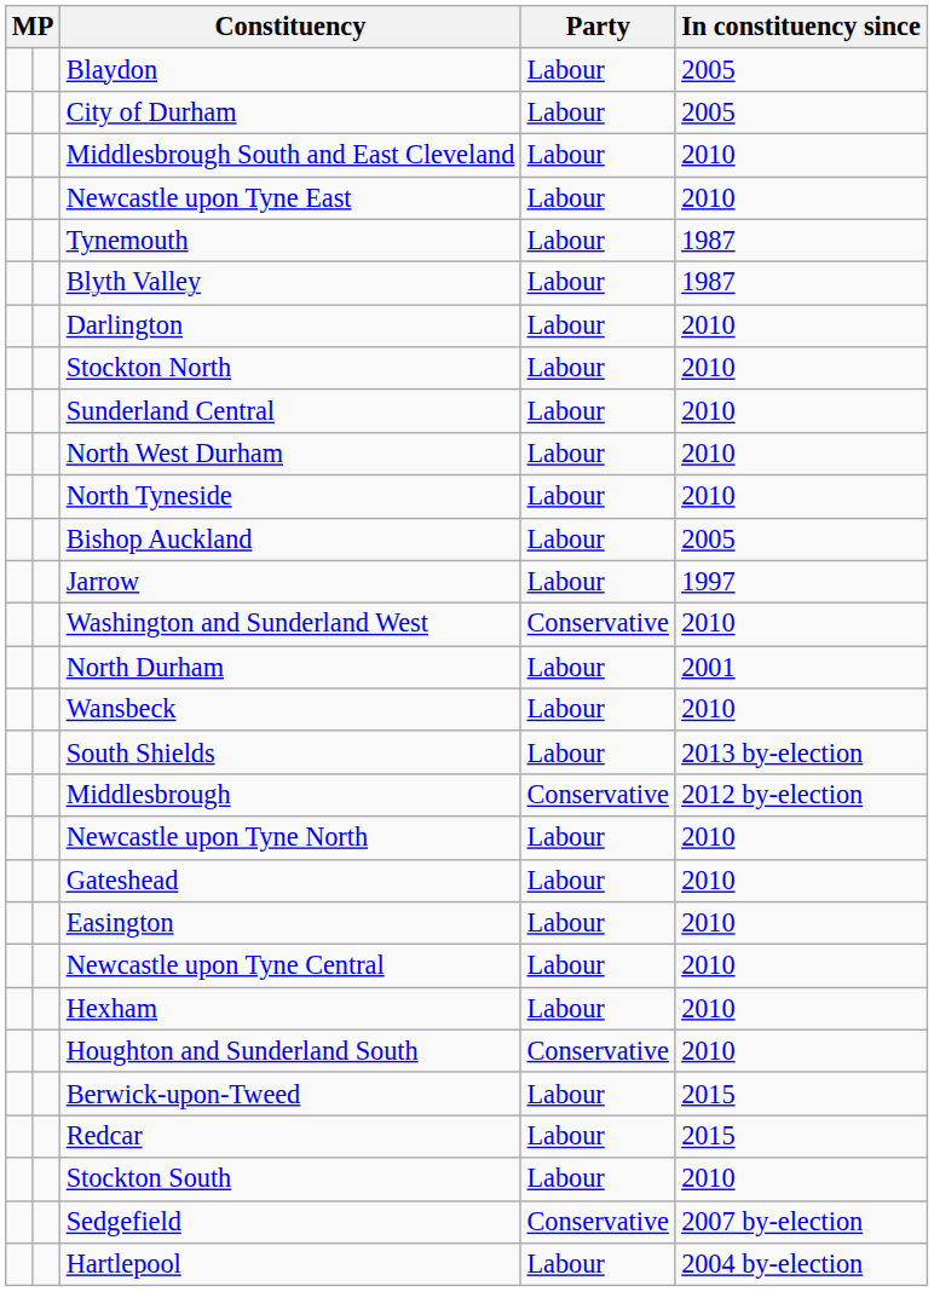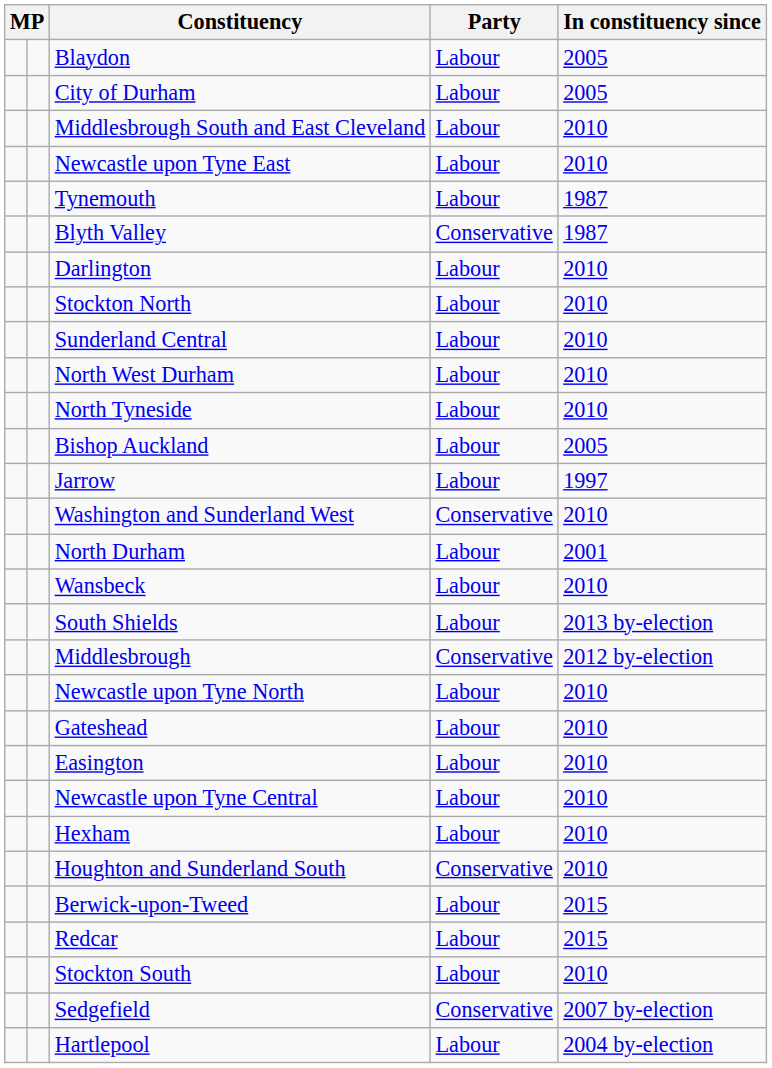 <table class="wikitable sortable">
 <tr>
 <th colspan=2>MP</th>
 <th>Constituency</th>
 <th>Party</th>
 <th>In constituency since</th>
 </tr>
 <tr>
 <td style="background-color: "></td>
 <td></td>
 <td><a href='#'>Blaydon</a></td>
 <td><a href='#'>Labour</a></td>
 <td><a href='#'>2005</a></td>
 </tr>
 <tr>
 <td style="background-color: "></td>
 <td></td>
 <td><a href='#'>City of Durham</a></td>
 <td><a href='#'>Labour</a></td>
 <td><a href='#'>2005</a></td>
 </tr>
 <tr>
 <td style="background-color: "></td>
 <td></td>
 <td><a href='#'>Middlesbrough South and East Cleveland</a></td>
 <td><a href='#'>Labour</a></td>
 <td><a href='#'>2010</a></td>
 </tr>
 <tr>
 <td style="background-color: "></td>
 <td></td>
 <td><a href='#'>Newcastle upon Tyne East</a></td>
 <td><a href='#'>Labour</a></td>
 <td><a href='#'>2010</a></td>
 </tr>
 <tr>
 <td style="background-color: "></td>
 <td></td>
 <td><a href='#'>Tynemouth</a></td>
 <td><a href='#'>Labour</a></td>
 <td><a href='#'>1987</a></td>
 </tr>
 <tr>
 <td style="background-color: "></td>
 <td></td>
 <td><a href='#'>Blyth Valley</a></td>
-<td><a href='#'>Labour</a></td>
+<td><a href='#'>Conservative</a></td>
 <td><a href='#'>1987</a></td>
 </tr>
 <tr>
 <td style="background-color: "></td>
 <td></td>
 <td><a href='#'>Darlington</a></td>
 <td><a href='#'>Labour</a></td>
 <td><a href='#'>2010</a></td>
 </tr>
 <tr>
 <td style="background-color: "></td>
 <td></td>
 <td><a href='#'>Stockton North</a></td>
 <td><a href='#'>Labour</a></td>
 <td><a href='#'>2010</a></td>
 </tr>
 <tr>
 <td style="background-color: "></td>
 <td></td>
 <td><a href='#'>Sunderland Central</a></td>
 <td><a href='#'>Labour</a></td>
 <td><a href='#'>2010</a></td>
 </tr>
 <tr>
 <td style="background-color: "></td>
 <td></td>
 <td><a href='#'>North West Durham</a></td>
 <td><a href='#'>Labour</a></td>
 <td><a href='#'>2010</a></td>
 </tr>
 <tr>
 <td style="background-color: "></td>
 <td></td>
 <td><a href='#'>North Tyneside</a></td>
 <td><a href='#'>Labour</a></td>
 <td><a href='#'>2010</a></td>
 </tr>
 <tr>
 <td style="background-color: "></td>
 <td></td>
 <td><a href='#'>Bishop Auckland</a></td>
 <td><a href='#'>Labour</a></td>
 <td><a href='#'>2005</a></td>
 </tr>
 <tr>
 <td style="background-color: "></td>
 <td></td>
 <td><a href='#'>Jarrow</a></td>
 <td><a href='#'>Labour</a></td>
 <td><a href='#'>1997</a></td>
 </tr>
 <tr>
 <td style="background-color: "></td>
 <td></td>
 <td><a href='#'>Washington and Sunderland West</a></td>
 <td><a href='#'>Conservative</a></td>
 <td><a href='#'>2010</a></td>
 </tr>
 <tr>
 <td style="background-color: "></td>
 <td></td>
 <td><a href='#'>North Durham</a></td>
 <td><a href='#'>Labour</a></td>
 <td><a href='#'>2001</a></td>
 </tr>
 <tr>
 <td style="background-color: "></td>
 <td></td>
 <td><a href='#'>Wansbeck</a></td>
 <td><a href='#'>Labour</a></td>
 <td><a href='#'>2010</a></td>
 </tr>
 <tr>
 <td style="background-color: "></td>
 <td></td>
 <td><a href='#'>South Shields</a></td>
 <td><a href='#'>Labour</a></td>
 <td><a href='#'>2013 by-election</a></td>
 </tr>
 <tr>
 <td style="background-color: "></td>
 <td></td>
 <td><a href='#'>Middlesbrough</a></td>
 <td><a href='#'>Conservative</a></td>
 <td><a href='#'>2012 by-election</a></td>
 </tr>
 <tr>
 <td style="background-color: "></td>
 <td></td>
 <td><a href='#'>Newcastle upon Tyne North</a></td>
 <td><a href='#'>Labour</a></td>
 <td><a href='#'>2010</a></td>
 </tr>
 <tr>
 <td style="background-color: "></td>
 <td></td>
 <td><a href='#'>Gateshead</a></td>
 <td><a href='#'>Labour</a></td>
 <td><a href='#'>2010</a></td>
 </tr>
 <tr>
 <td style="background-color: "></td>
 <td></td>
 <td><a href='#'>Easington</a></td>
 <td><a href='#'>Labour</a></td>
 <td><a href='#'>2010</a></td>
 </tr>
 <tr>
 <td style="background-color: "></td>
 <td></td>
 <td><a href='#'>Newcastle upon Tyne Central</a></td>
 <td><a href='#'>Labour</a></td>
 <td><a href='#'>2010</a></td>
 </tr>
 <tr>
 <td style="background-color: "></td>
 <td></td>
 <td><a href='#'>Hexham</a></td>
 <td><a href='#'>Labour</a></td>
 <td><a href='#'>2010</a></td>
 </tr>
 <tr>
 <td style="background-color: "></td>
 <td></td>
 <td><a href='#'>Houghton and Sunderland South</a></td>
 <td><a href='#'>Conservative</a></td>
 <td><a href='#'>2010</a></td>
 </tr>
 <tr>
 <td style="background-color: "></td>
 <td></td>
 <td><a href='#'>Berwick-upon-Tweed</a></td>
 <td><a href='#'>Labour</a></td>
 <td><a href='#'>2015</a></td>
 </tr>
 <tr>
 <td style="background-color: "></td>
 <td></td>
 <td><a href='#'>Redcar</a></td>
 <td><a href='#'>Labour</a></td>
 <td><a href='#'>2015</a></td>
 </tr>
 <tr>
 <td style="background-color: "></td>
 <td></td>
 <td><a href='#'>Stockton South</a></td>
 <td><a href='#'>Labour</a></td>
 <td><a href='#'>2010</a></td>
 </tr>
 <tr>
 <td style="background-color: "></td>
 <td></td>
 <td><a href='#'>Sedgefield</a></td>
 <td><a href='#'>Conservative</a></td>
 <td><a href='#'>2007 by-election</a></td>
 </tr>
 <tr>
 <td style="background-color: "></td>
 <td></td>
 <td><a href='#'>Hartlepool</a></td>
 <td><a href='#'>Labour</a></td>
 <td><a href='#'>2004 by-election</a></td>
 </tr>
 </table>
